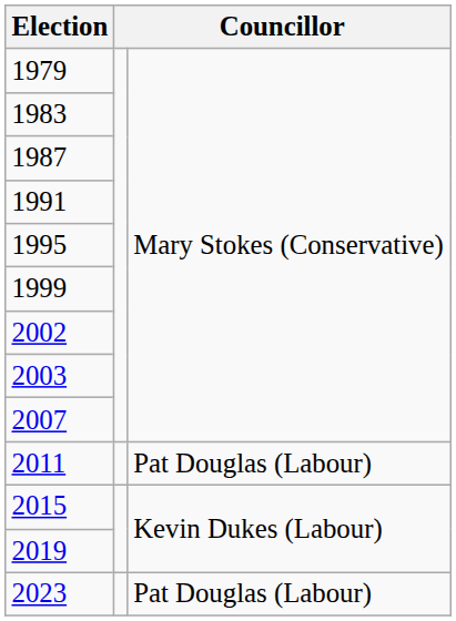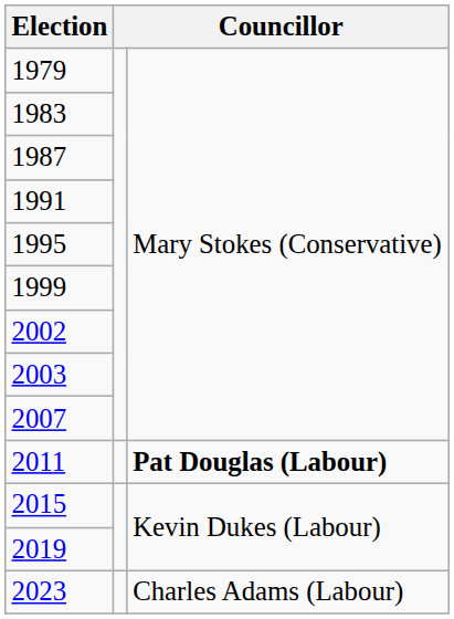 <table class="wikitable">
 <tr>
 <th>Election</th>
 <th colspan="2">Councillor</th>
 </tr>
 <tr>
 <td>1979</td>
 <td rowspan="9" style="background-color: "></td>
 <td rowspan="9">Mary Stokes (Conservative)</td>
 </tr>
 <tr>
 <td>1983</td>
 </tr>
 <tr>
 <td>1987</td>
 </tr>
 <tr>
 <td>1991</td>
 </tr>
 <tr>
 <td>1995</td>
 </tr>
 <tr>
 <td>1999</td>
 </tr>
 <tr>
 <td><a href='#'>2002</a></td>
 </tr>
 <tr>
 <td><a href='#'>2003</a></td>
 </tr>
 <tr>
 <td><a href='#'>2007</a></td>
 </tr>
 <tr>
 <td><a href='#'>2011</a></td>
 <td style="background-color: "></td>
-<td>Pat Douglas (Labour)</td>
+<td><strong>Pat Douglas (Labour)</strong></td>
 </tr>
 <tr>
 <td><a href='#'>2015</a></td>
 <td rowspan="2" style="background-color: "></td>
 <td rowspan="2">Kevin Dukes (Labour)</td>
 </tr>
 <tr>
 <td><a href='#'>2019</a></td>
 </tr>
 <tr>
 <td><a href='#'>2023</a></td>
 <td style="background-color: "></td>
-<td>Pat Douglas (Labour)</td>
+<td>Charles Adams (Labour)</td>
 </tr>
 </table>
